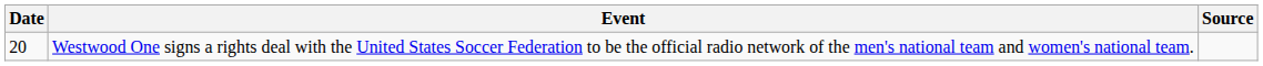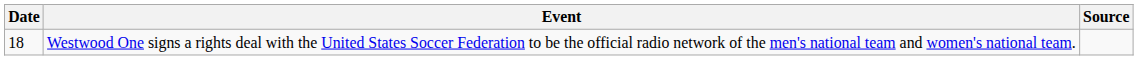 <table class=wikitable>
 <tr>
 <th>Date</th>
 <th>Event</th>
 <th>Source</th>
 </tr>
 <tr>
-<td>20</td>
+<td>18</td>
 <td><a href='#'>Westwood One</a> signs a rights deal with the <a href='#'>United States Soccer Federation</a> to be the official radio network of the <a href='#'>men's national team</a> and <a href='#'>women's national team</a>.</td>
 <td></td>
 </tr>
 </table>
